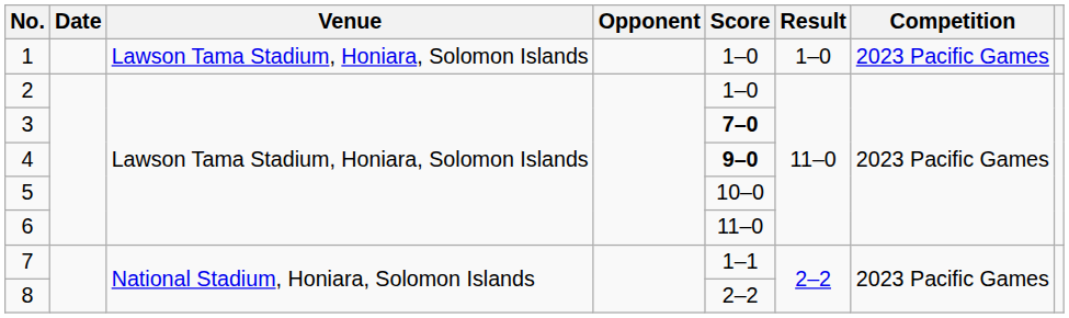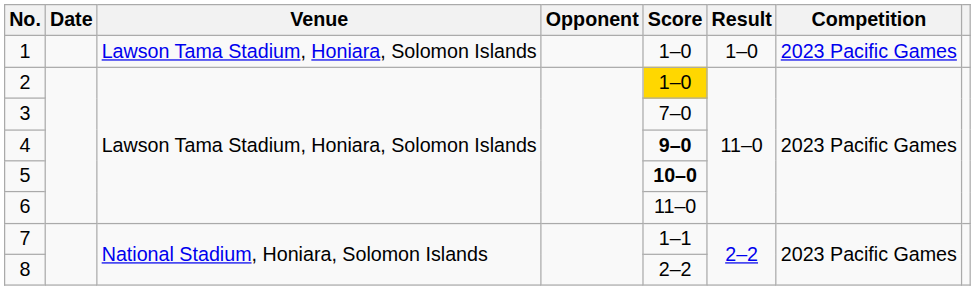 <table class="wikitable sortable">
 <tr>
 <th scope="col">No.</th>
 <th scope="col">Date</th>
 <th scope="col">Venue</th>
 <th scope="col">Opponent</th>
 <th scope="col">Score</th>
 <th scope="col">Result</th>
 <th scope="col">Competition</th>
 <th scope="col" class="unsortable"></th>
 </tr>
 <tr>
 <td style="text-align:center">1</td>
 <td></td>
 <td><a href='#'>Lawson Tama Stadium</a>, <a href='#'>Honiara</a>, Solomon Islands</td>
 <td></td>
 <td style="text-align:center">1–0</td>
 <td style="text-align:center">1–0</td>
 <td><a href='#'>2023 Pacific Games</a></td>
 <td></td>
 </tr>
 <tr>
 <td style="text-align:center">2</td>
 <td rowspan="5"></td>
 <td rowspan="5">Lawson Tama Stadium, Honiara, Solomon Islands</td>
 <td rowspan="5"></td>
-<td style="text-align:center">1–0</td>
+<td style="background: gold; text-align:center">1–0</td>
 <td rowspan="5" style="text-align:center">11–0</td>
 <td rowspan="5">2023 Pacific Games</td>
 <td rowspan="5"></td>
 </tr>
 <tr>
 <td style="text-align:center">3</td>
-<td style="text-align:center"><strong>7–0</strong></td>
+<td style="text-align:center">7–0</td>
 </tr>
 <tr>
 <td style="text-align:center">4</td>
 <td style="text-align:center"><strong>9–0</strong></td>
 </tr>
 <tr>
 <td style="text-align:center">5</td>
-<td style="text-align:center">10–0</td>
+<td style="text-align:center"><strong>10–0</strong></td>
 </tr>
 <tr>
 <td style="text-align:center">6</td>
 <td style="text-align:center">11–0</td>
 </tr>
 <tr>
 <td style="text-align:center">7</td>
 <td rowspan="2"></td>
 <td rowspan="2"><a href='#'>National Stadium</a>, Honiara, Solomon Islands</td>
 <td rowspan="2"></td>
 <td style="text-align:center">1–1</td>
 <td rowspan="2" style="text-align:center"><a href='#'>2–2</a></td>
 <td rowspan="2">2023 Pacific Games</td>
 <td rowspan="2"></td>
 </tr>
 <tr>
 <td style="text-align:center">8</td>
 <td style="text-align:center">2–2</td>
 </tr>
 </table>
